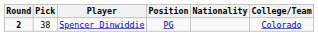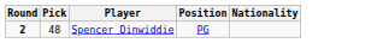 <table class="wikitable sortable sortable">
 <tr>
 <th>Round</th>
 <th>Pick</th>
 <th>Player</th>
 <th>Position</th>
 <th>Nationality</th>
-<th>College/Team</th>
 </tr>
 <tr style="text-align: center">
 <td><strong>2</strong></td>
-<td>38</td>
+<td>48</td>
 <td><a href='#'>Spencer Dinwiddie</a></td>
 <td><a href='#'>PG</a></td>
 <td></td>
-<td><a href='#'>Colorado</a></td>
 </tr>
 </table>
